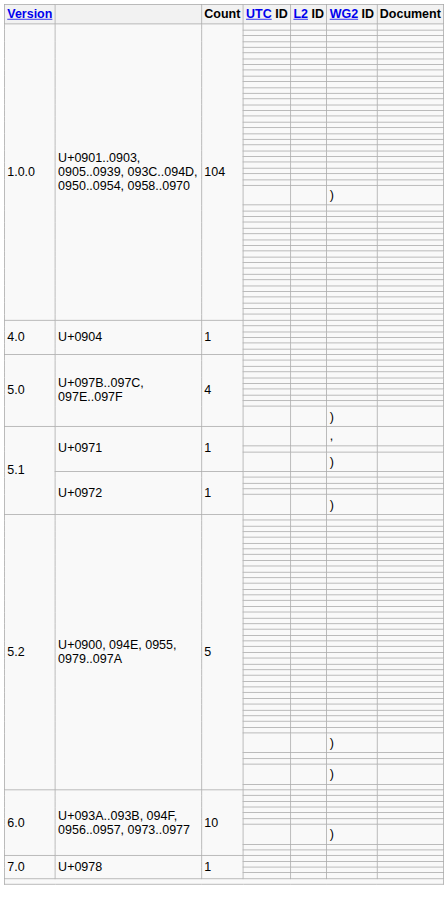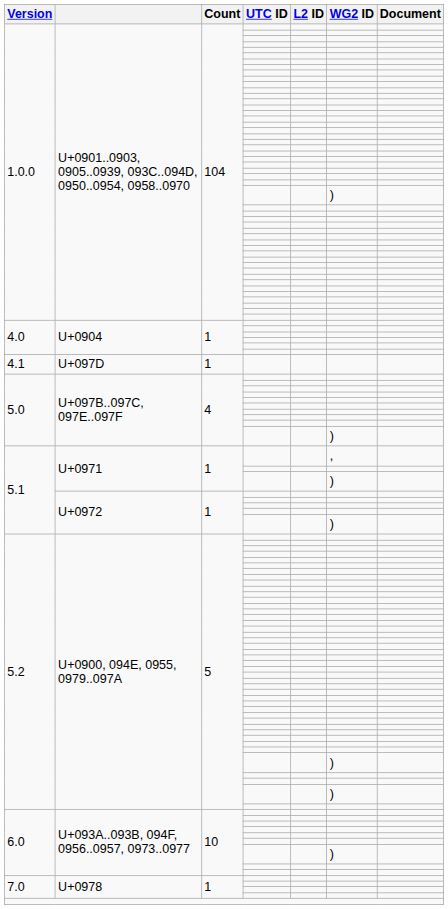 <table class="wikitable collapsible collapsed sticky-header">
 <tr>
 <th><a href='#'>Version</a></th>
 <th></th>
 <th>Count</th>
 <th><a href='#'>UTC</a> ID</th>
 <th><a href='#'>L2</a> ID</th>
 <th><a href='#'>WG2</a> ID</th>
 <th>Document</th>
 </tr>
 <tr>
 <td rowspan="49">1.0.0</td>
 <td rowspan="49" width="180">U+0901..0903, 0905..0939, 093C..094D, 0950..0954, 0958..0970</td>
 <td rowspan="49">104</td>
 <td></td>
 <td></td>
 <td></td>
 <td></td>
 </tr>
 <tr>
 <td></td>
 <td></td>
 <td></td>
 <td></td>
 </tr>
 <tr>
 <td></td>
 <td></td>
 <td></td>
 <td></td>
 </tr>
 <tr>
 <td></td>
 <td></td>
 <td></td>
 <td></td>
 </tr>
 <tr>
 <td></td>
 <td></td>
 <td></td>
 <td></td>
 </tr>
 <tr>
 <td></td>
 <td></td>
 <td></td>
 <td></td>
 </tr>
 <tr>
 <td></td>
 <td></td>
 <td></td>
 <td></td>
 </tr>
 <tr>
 <td></td>
 <td></td>
 <td></td>
 <td></td>
 </tr>
 <tr>
 <td></td>
 <td></td>
 <td></td>
 <td></td>
 </tr>
 <tr>
 <td></td>
 <td></td>
 <td></td>
 <td></td>
 </tr>
 <tr>
 <td></td>
 <td></td>
 <td></td>
 <td></td>
 </tr>
 <tr>
 <td></td>
 <td></td>
 <td></td>
 <td></td>
 </tr>
 <tr>
 <td></td>
 <td></td>
 <td></td>
 <td></td>
 </tr>
 <tr>
 <td></td>
 <td></td>
 <td></td>
 <td></td>
 </tr>
 <tr>
 <td></td>
 <td></td>
 <td></td>
 <td></td>
 </tr>
 <tr>
 <td></td>
 <td></td>
 <td></td>
 <td></td>
 </tr>
 <tr>
 <td></td>
 <td></td>
 <td></td>
 <td></td>
 </tr>
 <tr>
 <td></td>
 <td></td>
 <td></td>
 <td></td>
 </tr>
 <tr>
 <td></td>
 <td></td>
 <td></td>
 <td></td>
 </tr>
 <tr>
 <td></td>
 <td></td>
 <td></td>
 <td></td>
 </tr>
 <tr>
 <td></td>
 <td></td>
 <td></td>
 <td></td>
 </tr>
 <tr>
 <td></td>
 <td></td>
 <td></td>
 <td></td>
 </tr>
 <tr>
 <td></td>
 <td></td>
 <td></td>
 <td></td>
 </tr>
 <tr>
 <td></td>
 <td></td>
 <td></td>
 <td></td>
 </tr>
 <tr>
 <td></td>
 <td></td>
 <td></td>
 <td></td>
 </tr>
 <tr>
 <td></td>
 <td></td>
 <td></td>
 <td></td>
 </tr>
 <tr>
 <td></td>
 <td></td>
 <td></td>
 <td></td>
 </tr>
 <tr>
 <td></td>
 <td></td>
 <td></td>
 <td></td>
 </tr>
 <tr>
 <td></td>
 <td></td>
 <td> )</td>
 <td></td>
 </tr>
 <tr>
 <td></td>
 <td></td>
 <td></td>
 <td></td>
 </tr>
 <tr>
 <td></td>
 <td></td>
 <td></td>
 <td></td>
 </tr>
 <tr>
 <td></td>
 <td></td>
 <td></td>
 <td></td>
 </tr>
 <tr>
 <td></td>
 <td></td>
 <td></td>
 <td></td>
 </tr>
 <tr>
 <td></td>
 <td></td>
 <td></td>
 <td></td>
 </tr>
 <tr>
 <td></td>
 <td></td>
 <td></td>
 <td></td>
 </tr>
 <tr>
 <td></td>
 <td></td>
 <td></td>
 <td></td>
 </tr>
 <tr>
 <td></td>
 <td></td>
 <td></td>
 <td></td>
 </tr>
 <tr>
 <td></td>
 <td></td>
 <td></td>
 <td></td>
 </tr>
 <tr>
 <td></td>
 <td></td>
 <td></td>
 <td></td>
 </tr>
 <tr>
 <td></td>
 <td></td>
 <td></td>
 <td></td>
 </tr>
 <tr>
 <td></td>
 <td></td>
 <td></td>
 <td></td>
 </tr>
 <tr>
 <td></td>
 <td></td>
 <td></td>
 <td></td>
 </tr>
 <tr>
 <td></td>
 <td></td>
 <td></td>
 <td></td>
 </tr>
 <tr>
 <td></td>
 <td></td>
 <td></td>
 <td></td>
 </tr>
 <tr>
 <td></td>
 <td></td>
 <td></td>
 <td></td>
 </tr>
 <tr>
 <td></td>
 <td></td>
 <td></td>
 <td></td>
 </tr>
 <tr>
 <td></td>
 <td></td>
 <td></td>
 <td></td>
 </tr>
 <tr>
 <td></td>
 <td></td>
 <td></td>
 <td></td>
 </tr>
 <tr>
 <td></td>
 <td></td>
 <td></td>
 <td></td>
 </tr>
 <tr>
 <td rowspan="6">4.0</td>
 <td rowspan="6">U+0904</td>
 <td rowspan="6">1</td>
 <td></td>
 <td></td>
 <td></td>
 <td></td>
 </tr>
 <tr>
 <td></td>
 <td></td>
 <td></td>
 <td></td>
 </tr>
 <tr>
 <td></td>
 <td></td>
 <td></td>
 <td></td>
 </tr>
 <tr>
 <td></td>
 <td></td>
 <td></td>
 <td></td>
 </tr>
 <tr>
 <td></td>
 <td></td>
 <td></td>
 <td></td>
 </tr>
 <tr>
+<td></td>
+<td></td>
+<td></td>
+<td></td>
+</tr>
+<tr>
+<td>4.1</td>
+<td>U+097D</td>
+<td>1</td>
 <td></td>
 <td></td>
 <td></td>
 <td></td>
 </tr>
 <tr>
 <td rowspan="10">5.0</td>
 <td rowspan="10">U+097B..097C, 097E..097F</td>
 <td rowspan="10">4</td>
 <td></td>
 <td></td>
 <td></td>
 <td></td>
 </tr>
 <tr>
 <td></td>
 <td></td>
 <td></td>
 <td></td>
 </tr>
 <tr>
 <td></td>
 <td></td>
 <td></td>
 <td></td>
 </tr>
 <tr>
 <td></td>
 <td></td>
 <td></td>
 <td></td>
 </tr>
 <tr>
 <td></td>
 <td></td>
 <td></td>
 <td></td>
 </tr>
 <tr>
 <td></td>
 <td></td>
 <td></td>
 <td></td>
 </tr>
 <tr>
 <td></td>
 <td></td>
 <td></td>
 <td></td>
 </tr>
 <tr>
 <td></td>
 <td></td>
 <td></td>
 <td></td>
 </tr>
 <tr>
 <td></td>
 <td></td>
 <td></td>
 <td></td>
 </tr>
 <tr>
 <td></td>
 <td></td>
 <td> )</td>
 <td></td>
 </tr>
 <tr>
 <td rowspan="8">5.1</td>
 <td rowspan="3">U+0971</td>
 <td rowspan="3">1</td>
 <td></td>
 <td></td>
 <td>, </td>
 <td></td>
 </tr>
 <tr>
 <td></td>
 <td></td>
 <td></td>
 <td></td>
 </tr>
 <tr>
 <td></td>
 <td></td>
 <td> )</td>
 <td></td>
 </tr>
 <tr>
 <td rowspan="5">U+0972</td>
 <td rowspan="5">1</td>
 <td></td>
 <td></td>
 <td></td>
 <td></td>
 </tr>
 <tr>
 <td></td>
 <td></td>
 <td></td>
 <td></td>
 </tr>
 <tr>
 <td></td>
 <td></td>
 <td></td>
 <td></td>
 </tr>
 <tr>
 <td></td>
 <td></td>
 <td></td>
 <td></td>
 </tr>
 <tr>
 <td></td>
 <td></td>
 <td> )</td>
 <td></td>
 </tr>
 <tr>
 <td rowspan="43">5.2</td>
 <td rowspan="43">U+0900, 094E, 0955, 0979..097A</td>
 <td rowspan="43">5</td>
 <td></td>
 <td></td>
 <td></td>
 <td></td>
 </tr>
 <tr>
 <td></td>
 <td></td>
 <td></td>
 <td></td>
 </tr>
 <tr>
 <td></td>
 <td></td>
 <td></td>
 <td></td>
 </tr>
 <tr>
 <td></td>
 <td></td>
 <td></td>
 <td></td>
 </tr>
 <tr>
 <td></td>
 <td></td>
 <td></td>
 <td></td>
 </tr>
 <tr>
 <td></td>
 <td></td>
 <td></td>
 <td></td>
 </tr>
 <tr>
 <td></td>
 <td></td>
 <td></td>
 <td></td>
 </tr>
 <tr>
 <td></td>
 <td></td>
 <td></td>
 <td></td>
 </tr>
 <tr>
 <td></td>
 <td></td>
 <td></td>
 <td></td>
 </tr>
 <tr>
 <td></td>
 <td></td>
 <td></td>
 <td></td>
 </tr>
 <tr>
 <td></td>
 <td></td>
 <td></td>
 <td></td>
 </tr>
 <tr>
 <td></td>
 <td></td>
 <td></td>
 <td></td>
 </tr>
 <tr>
 <td></td>
 <td></td>
 <td></td>
 <td></td>
 </tr>
 <tr>
 <td></td>
 <td></td>
 <td></td>
 <td></td>
 </tr>
 <tr>
 <td></td>
 <td></td>
 <td></td>
 <td></td>
 </tr>
 <tr>
 <td></td>
 <td></td>
 <td></td>
 <td></td>
 </tr>
 <tr>
 <td></td>
 <td></td>
 <td></td>
 <td></td>
 </tr>
 <tr>
 <td></td>
 <td></td>
 <td></td>
 <td></td>
 </tr>
 <tr>
 <td></td>
 <td></td>
 <td></td>
 <td></td>
 </tr>
 <tr>
 <td></td>
 <td></td>
 <td></td>
 <td></td>
 </tr>
 <tr>
 <td></td>
 <td></td>
 <td></td>
 <td></td>
 </tr>
 <tr>
 <td></td>
 <td></td>
 <td></td>
 <td></td>
 </tr>
 <tr>
 <td></td>
 <td></td>
 <td></td>
 <td></td>
 </tr>
 <tr>
 <td></td>
 <td></td>
 <td></td>
 <td></td>
 </tr>
 <tr>
 <td></td>
 <td></td>
 <td></td>
 <td></td>
 </tr>
 <tr>
 <td></td>
 <td></td>
 <td></td>
 <td></td>
 </tr>
 <tr>
 <td></td>
 <td></td>
 <td></td>
 <td></td>
 </tr>
 <tr>
 <td></td>
 <td></td>
 <td></td>
 <td></td>
 </tr>
 <tr>
 <td></td>
 <td></td>
 <td></td>
 <td></td>
 </tr>
 <tr>
 <td></td>
 <td></td>
 <td></td>
 <td></td>
 </tr>
 <tr>
 <td></td>
 <td></td>
 <td></td>
 <td></td>
 </tr>
 <tr>
 <td></td>
 <td></td>
 <td></td>
 <td></td>
 </tr>
 <tr>
 <td></td>
 <td></td>
 <td></td>
 <td></td>
 </tr>
 <tr>
 <td></td>
 <td></td>
 <td></td>
 <td></td>
 </tr>
 <tr>
 <td></td>
 <td></td>
 <td></td>
 <td></td>
 </tr>
 <tr>
 <td></td>
 <td></td>
 <td></td>
 <td></td>
 </tr>
 <tr>
 <td></td>
 <td></td>
 <td></td>
 <td></td>
 </tr>
 <tr>
 <td></td>
 <td></td>
 <td></td>
 <td></td>
 </tr>
 <tr>
 <td></td>
 <td></td>
 <td> )</td>
 <td></td>
 </tr>
 <tr>
 <td></td>
 <td></td>
 <td></td>
 <td></td>
 </tr>
 <tr>
 <td></td>
 <td></td>
 <td></td>
 <td></td>
 </tr>
 <tr>
 <td></td>
 <td></td>
 <td> )</td>
 <td></td>
 </tr>
 <tr>
 <td></td>
 <td></td>
 <td></td>
 <td></td>
 </tr>
 <tr>
 <td rowspan="9">6.0</td>
 <td rowspan="9">U+093A..093B, 094F, 0956..0957, 0973..0977</td>
 <td rowspan="9">10</td>
 <td></td>
 <td></td>
 <td></td>
 <td></td>
 </tr>
 <tr>
 <td></td>
 <td></td>
 <td></td>
 <td></td>
 </tr>
 <tr>
 <td></td>
 <td></td>
 <td></td>
 <td></td>
 </tr>
 <tr>
 <td></td>
 <td></td>
 <td></td>
 <td></td>
 </tr>
 <tr>
 <td></td>
 <td></td>
 <td></td>
 <td></td>
 </tr>
 <tr>
 <td></td>
 <td></td>
 <td></td>
 <td></td>
 </tr>
 <tr>
 <td></td>
 <td></td>
 <td> )</td>
 <td></td>
 </tr>
 <tr>
 <td></td>
 <td></td>
 <td></td>
 <td></td>
 </tr>
 <tr>
 <td></td>
 <td></td>
 <td></td>
 <td></td>
 </tr>
 <tr>
 <td rowspan="4">7.0</td>
 <td rowspan="4">U+0978</td>
 <td rowspan="4">1</td>
 <td></td>
 <td></td>
 <td></td>
 <td></td>
 </tr>
 <tr>
 <td></td>
 <td></td>
 <td></td>
 <td></td>
 </tr>
 <tr>
 <td></td>
 <td></td>
 <td></td>
 <td></td>
 </tr>
 <tr>
 <td></td>
 <td></td>
 <td></td>
 <td></td>
 </tr>
 <tr class="sortbottom">
 <td colspan="7"></td>
 </tr>
 </table>
